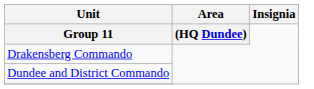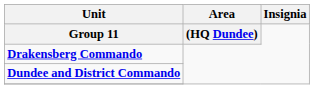 <table class="wikitable">
 <tr>
 <th>Unit</th>
 <th>Area</th>
 <th>Insignia</th>
 </tr>
 <tr>
 <th>Group 11</th>
 <th>(HQ <a href='#'>Dundee</a>)</th>
 </tr>
 <tr>
-<td><a href='#'>Drakensberg Commando</a></td>
+<td><strong><a href='#'>Drakensberg Commando</a></strong></td>
 </tr>
 <tr>
-<td><a href='#'>Dundee and District Commando</a></td>
+<td><strong><a href='#'>Dundee and District Commando</a></strong></td>
 </tr>
 <tr>
 </tr>
 </table>
